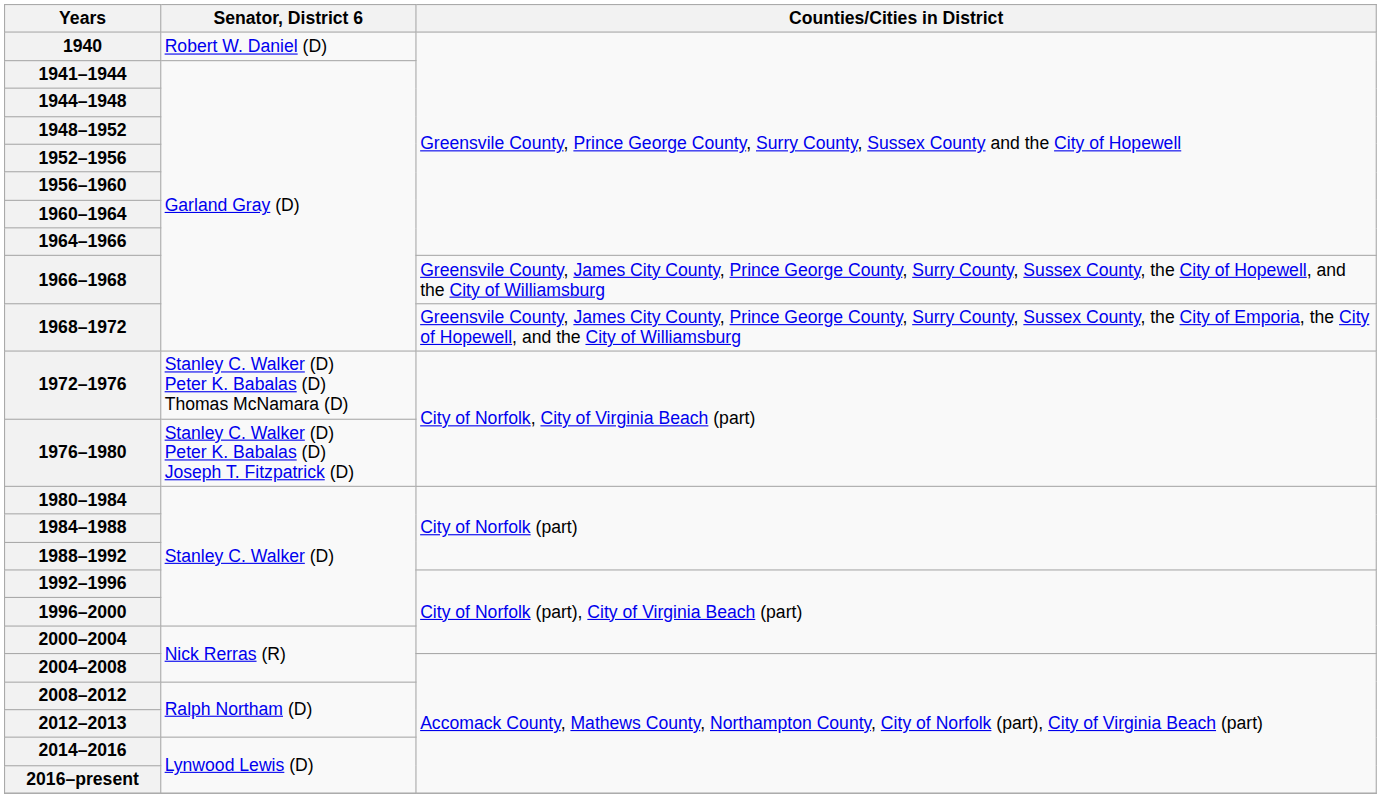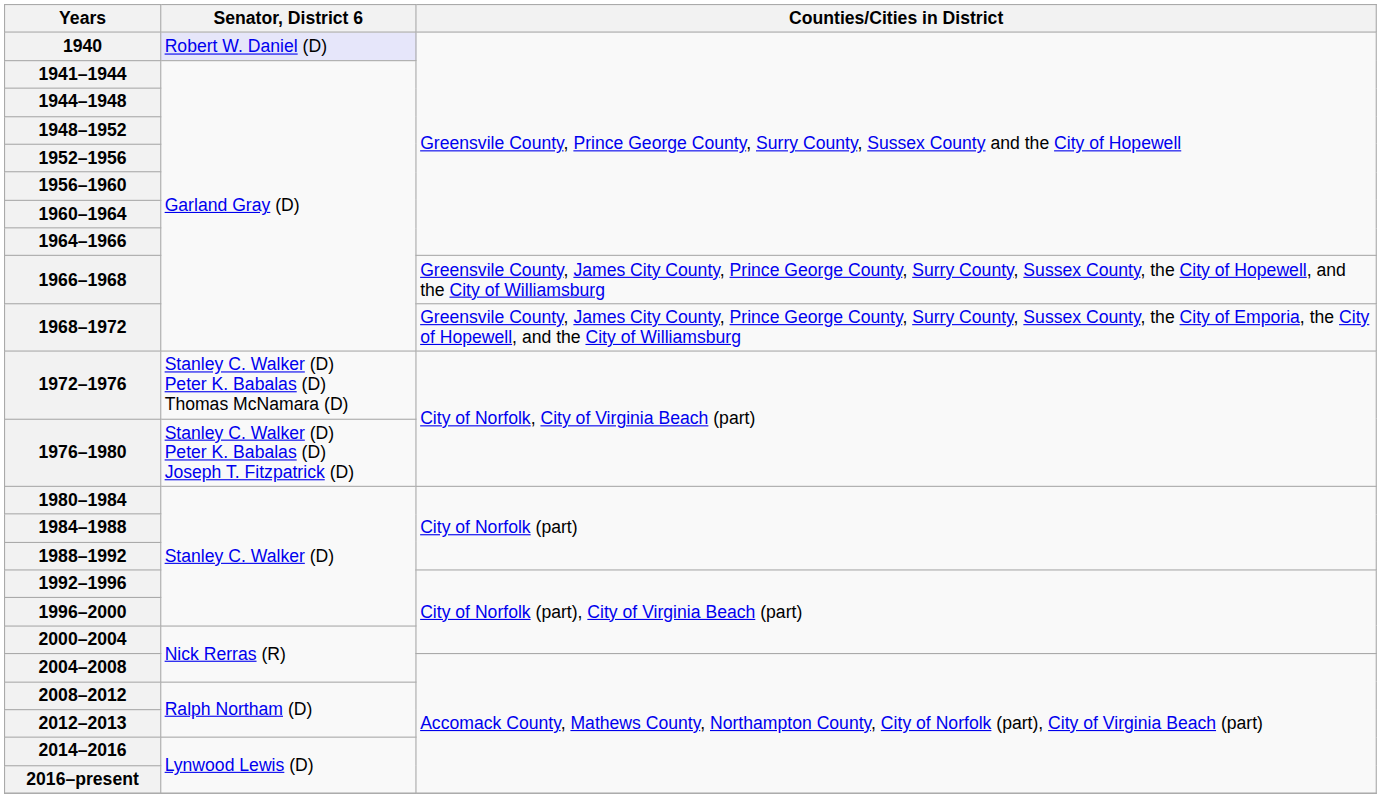 <table class="wikitable">
 <tr>
 <th>Years</th>
 <th>Senator, District 6</th>
 <th style="width:70%;">Counties/Cities in District</th>
 </tr>
 <tr>
 <th>1940</th>
-<td rowspan = 1 ><a href='#'>Robert W. Daniel</a> (D)</td>
+<td rowspan = 1  style="background: lavender;"><a href='#'>Robert W. Daniel</a> (D)</td>
 <td rowspan = 8><a href='#'>Greensvile County</a>, <a href='#'>Prince George County</a>, <a href='#'>Surry County</a>, <a href='#'>Sussex County</a> and the <a href='#'>City of Hopewell</a></td>
 </tr>
 <tr>
 <th>1941–1944</th>
 <td rowspan = 9 ><a href='#'>Garland Gray</a> (D)</td>
 </tr>
 <tr>
 <th>1944–1948</th>
 </tr>
 <tr>
 <th>1948–1952</th>
 </tr>
 <tr>
 <th>1952–1956</th>
 </tr>
 <tr>
 <th>1956–1960</th>
 </tr>
 <tr>
 <th>1960–1964</th>
 </tr>
 <tr>
 <th>1964–1966</th>
 </tr>
 <tr>
 <th>1966–1968</th>
 <td><a href='#'>Greensvile County</a>, <a href='#'>James City County</a>, <a href='#'>Prince George County</a>, <a href='#'>Surry County</a>, <a href='#'>Sussex County</a>, the <a href='#'>City of Hopewell</a>, and the <a href='#'>City of Williamsburg</a></td>
 </tr>
 <tr>
 <th>1968–1972</th>
 <td><a href='#'>Greensvile County</a>, <a href='#'>James City County</a>, <a href='#'>Prince George County</a>, <a href='#'>Surry County</a>, <a href='#'>Sussex County</a>, the <a href='#'>City of Emporia</a>, the <a href='#'>City of Hopewell</a>, and the <a href='#'>City of Williamsburg</a></td>
 </tr>
 <tr>
 <th>1972–1976</th>
 <td rowspan = 1 ><a href='#'>Stanley C. Walker</a> (D) <br> <a href='#'>Peter K. Babalas</a> (D) <br> Thomas McNamara (D)</td>
 <td rowspan = 2><a href='#'>City of Norfolk</a>, <a href='#'>City of Virginia Beach</a> (part)</td>
 </tr>
 <tr>
 <th>1976–1980</th>
 <td rowspan = 1 ><a href='#'>Stanley C. Walker</a> (D) <br> <a href='#'>Peter K. Babalas</a> (D) <br> <a href='#'>Joseph T. Fitzpatrick</a> (D)</td>
 </tr>
 <tr>
 <th>1980–1984</th>
 <td rowspan = 5 ><a href='#'>Stanley C. Walker</a> (D)</td>
 <td rowspan = 3><a href='#'>City of Norfolk</a> (part)</td>
 </tr>
 <tr>
 <th>1984–1988</th>
 </tr>
 <tr>
 <th>1988–1992</th>
 </tr>
 <tr>
 <th>1992–1996</th>
 <td rowspan = 3><a href='#'>City of Norfolk</a> (part), <a href='#'>City of Virginia Beach</a> (part)</td>
 </tr>
 <tr>
 <th>1996–2000</th>
 </tr>
 <tr>
 <th>2000–2004</th>
 <td rowspan = 2 ><a href='#'>Nick Rerras</a> (R)</td>
 </tr>
 <tr>
 <th>2004–2008</th>
 <td rowspan = 5><a href='#'>Accomack County</a>, <a href='#'>Mathews County</a>, <a href='#'>Northampton County</a>, <a href='#'>City of Norfolk</a> (part), <a href='#'>City of Virginia Beach</a> (part)</td>
 </tr>
 <tr>
 <th>2008–2012</th>
 <td rowspan = 2 ><a href='#'>Ralph Northam</a> (D)</td>
 </tr>
 <tr>
 <th>2012–2013</th>
 </tr>
 <tr>
 <th>2014–2016</th>
 <td rowspan = 2 ><a href='#'>Lynwood Lewis</a> (D)</td>
 </tr>
 <tr>
 <th>2016–present</th>
 </tr>
 <tr>
 </tr>
 </table>
